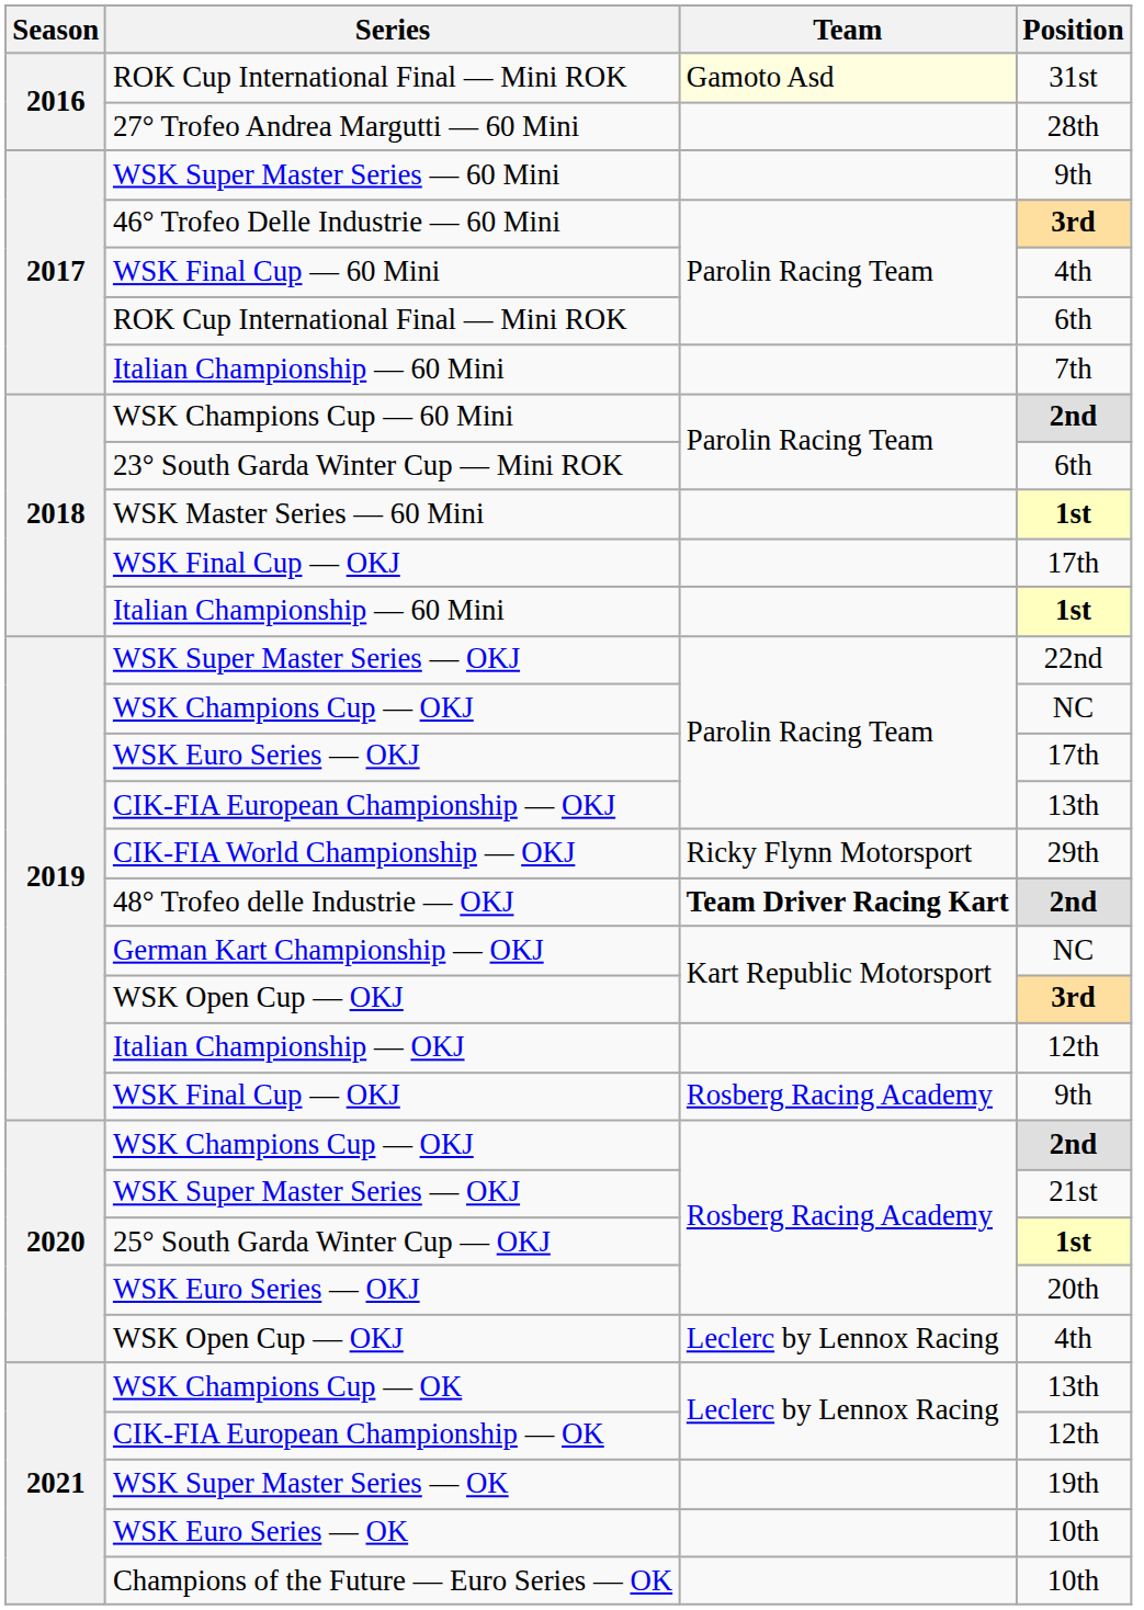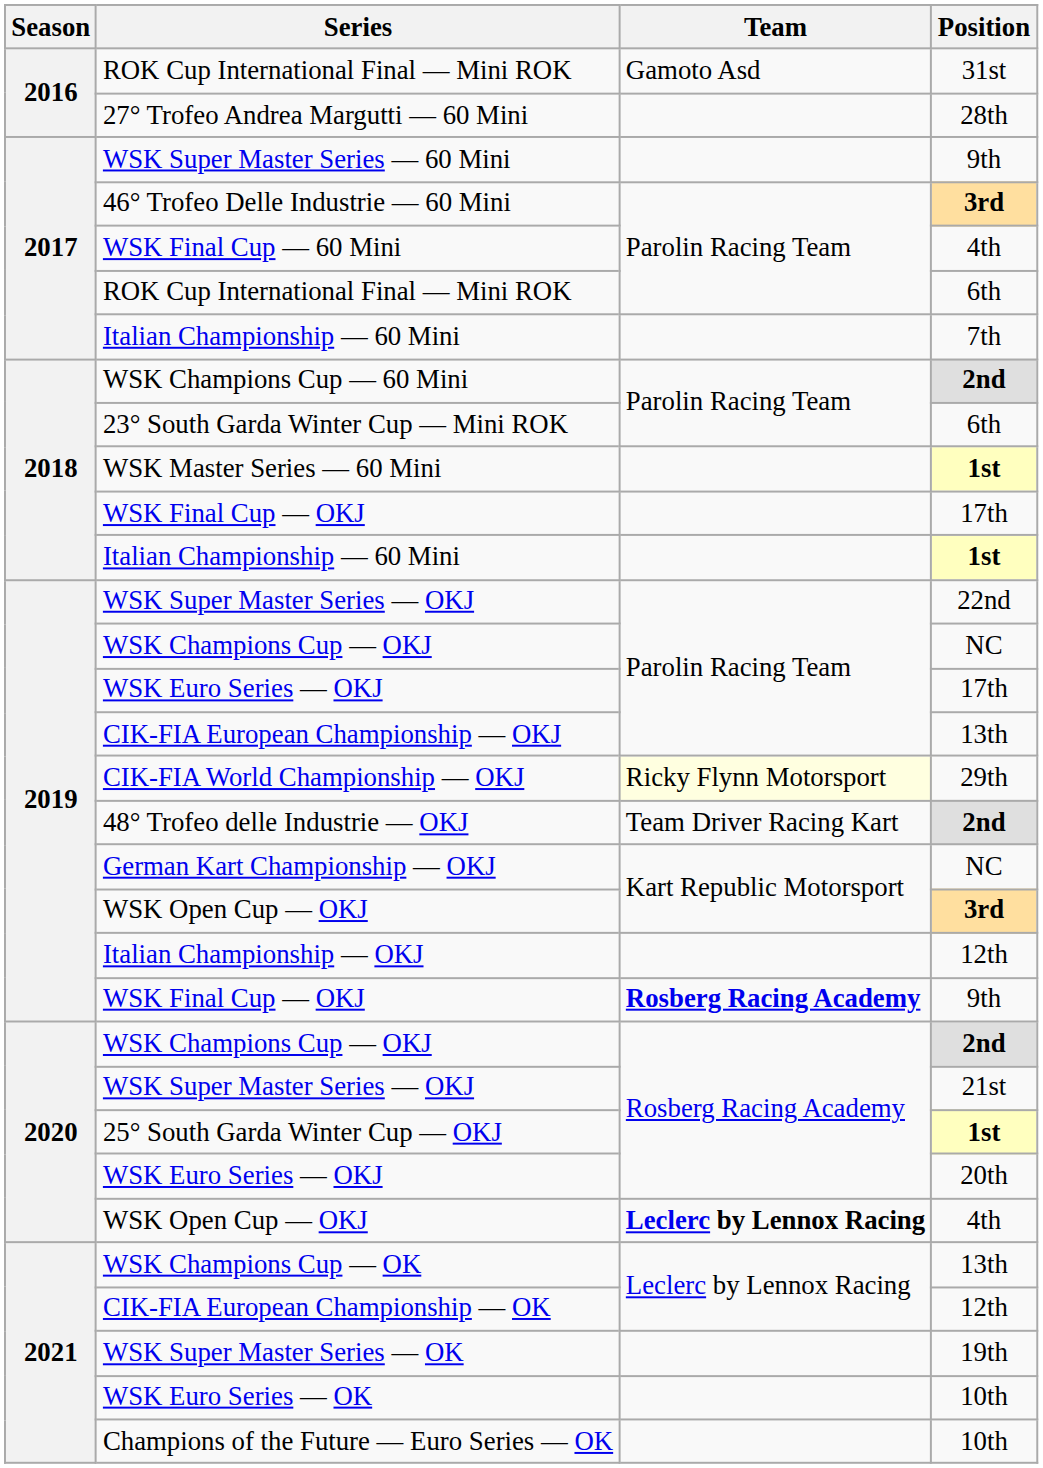 <table class="wikitable" style="font-size: 85%; text-align:center">
 <tr>
 <th>Season</th>
 <th>Series</th>
 <th>Team</th>
 <th>Position</th>
 </tr>
 <tr>
 <th rowspan="2">2016</th>
 <td align="left">ROK Cup International Final — Mini ROK</td>
-<td align="left" style="background: lightyellow;">Gamoto Asd</td>
+<td align="left">Gamoto Asd</td>
 <td>31st</td>
 </tr>
 <tr>
 <td align="left">27° Trofeo Andrea Margutti — 60 Mini</td>
 <td align="left"></td>
 <td>28th</td>
 </tr>
 <tr>
 <th rowspan="5">2017</th>
 <td align="left"><a href='#'>WSK Super Master Series</a> — 60 Mini</td>
 <td align="left"></td>
 <td>9th</td>
 </tr>
 <tr>
 <td align="left">46° Trofeo Delle Industrie — 60 Mini</td>
 <td rowspan="3"  align="left">Parolin Racing Team</td>
 <td style="background:#FFDF9F;"><strong>3rd</strong></td>
 </tr>
 <tr>
 <td align="left"><a href='#'>WSK Final Cup</a> — 60 Mini</td>
 <td>4th</td>
 </tr>
 <tr>
 <td align="left">ROK Cup International Final — Mini ROK</td>
 <td>6th</td>
 </tr>
 <tr>
 <td align="left"><a href='#'>Italian Championship</a> — 60 Mini</td>
 <td align="left"></td>
 <td>7th</td>
 </tr>
 <tr>
 <th rowspan="5">2018</th>
 <td align="left">WSK Champions Cup — 60 Mini</td>
 <td rowspan="2"  align="left">Parolin Racing Team</td>
 <td style="background:#DFDFDF;"><strong>2nd</strong></td>
 </tr>
 <tr>
 <td align="left">23° South Garda Winter Cup — Mini ROK</td>
 <td>6th</td>
 </tr>
 <tr>
 <td align="left">WSK Master Series — 60 Mini</td>
 <td align="left"></td>
 <td style="background:#FFFFBF;"><strong>1st</strong></td>
 </tr>
 <tr>
 <td align="left"><a href='#'>WSK Final Cup</a> — <a href='#'>OKJ</a></td>
 <td align="left"></td>
 <td>17th</td>
 </tr>
 <tr>
 <td align="left"><a href='#'>Italian Championship</a> — 60 Mini</td>
 <td align="left"></td>
 <td style="background:#FFFFBF;"><strong>1st</strong></td>
 </tr>
 <tr>
 <th rowspan="10">2019</th>
 <td align="left"><a href='#'>WSK Super Master Series</a> — <a href='#'>OKJ</a></td>
 <td rowspan="4"  align="left">Parolin Racing Team</td>
 <td>22nd</td>
 </tr>
 <tr>
 <td align="left"><a href='#'>WSK Champions Cup</a> — <a href='#'>OKJ</a></td>
 <td>NC</td>
 </tr>
 <tr>
 <td align="left"><a href='#'>WSK Euro Series</a> — <a href='#'>OKJ</a></td>
 <td>17th</td>
 </tr>
 <tr>
 <td align="left"><a href='#'>CIK-FIA European Championship</a> — <a href='#'>OKJ</a></td>
 <td>13th</td>
 </tr>
 <tr>
 <td align="left"><a href='#'>CIK-FIA World Championship</a> — <a href='#'>OKJ</a></td>
-<td align="left">Ricky Flynn Motorsport</td>
+<td align="left" style="background: lightyellow;">Ricky Flynn Motorsport</td>
 <td>29th</td>
 </tr>
 <tr>
 <td align="left">48° Trofeo delle Industrie — <a href='#'>OKJ</a></td>
-<td align="left"><strong>Team Driver Racing Kart</strong></td>
+<td align="left">Team Driver Racing Kart</td>
 <td style="background:#DFDFDF;"><strong>2nd</strong></td>
 </tr>
 <tr>
 <td align="left"><a href='#'>German Kart Championship</a> — <a href='#'>OKJ</a></td>
 <td rowspan="2"  align="left">Kart Republic Motorsport</td>
 <td>NC</td>
 </tr>
 <tr>
 <td align="left">WSK Open Cup — <a href='#'>OKJ</a></td>
 <td style="background:#FFDF9F;"><strong>3rd</strong></td>
 </tr>
 <tr>
 <td align="left"><a href='#'>Italian Championship</a> — <a href='#'>OKJ</a></td>
 <td align="left"></td>
 <td>12th</td>
 </tr>
 <tr>
 <td align="left"><a href='#'>WSK Final Cup</a> — <a href='#'>OKJ</a></td>
-<td align="left" nowrap=""><a href='#'>Rosberg Racing Academy</a></td>
+<td align="left" nowrap=""><strong><a href='#'>Rosberg Racing Academy</a></strong></td>
 <td>9th</td>
 </tr>
 <tr>
 <th rowspan="5">2020</th>
 <td align="left"><a href='#'>WSK Champions Cup</a> — <a href='#'>OKJ</a></td>
 <td rowspan="4" align="left"><a href='#'>Rosberg Racing Academy</a></td>
 <td style="background:#DFDFDF;"><strong>2nd</strong></td>
 </tr>
 <tr>
 <td align="left"><a href='#'>WSK Super Master Series</a> — <a href='#'>OKJ</a></td>
 <td>21st</td>
 </tr>
 <tr>
 <td align="left">25° South Garda Winter Cup — <a href='#'>OKJ</a></td>
 <td style="background:#FFFFBF;"><strong>1st</strong></td>
 </tr>
 <tr>
 <td align="left"><a href='#'>WSK Euro Series</a> — <a href='#'>OKJ</a></td>
 <td>20th</td>
 </tr>
 <tr>
 <td align="left">WSK Open Cup — <a href='#'>OKJ</a></td>
-<td align="left"><a href='#'>Leclerc</a> by Lennox Racing</td>
+<td align="left"><strong><a href='#'>Leclerc</a> by Lennox Racing</strong></td>
 <td>4th</td>
 </tr>
 <tr>
 <th rowspan="5">2021</th>
 <td align="left"><a href='#'>WSK Champions Cup</a> — <a href='#'>OK</a></td>
 <td rowspan="2"  align="left"><a href='#'>Leclerc</a> by Lennox Racing</td>
 <td>13th</td>
 </tr>
 <tr>
 <td align="left" nowrap=""><a href='#'>CIK-FIA European Championship</a> — <a href='#'>OK</a></td>
 <td>12th</td>
 </tr>
 <tr>
 <td align="left"><a href='#'>WSK Super Master Series</a> — <a href='#'>OK</a></td>
 <td align="left"></td>
 <td>19th</td>
 </tr>
 <tr>
 <td align="left"><a href='#'>WSK Euro Series</a> — <a href='#'>OK</a></td>
 <td align="left"></td>
 <td>10th</td>
 </tr>
 <tr>
 <td align="left">Champions of the Future — Euro Series — <a href='#'>OK</a></td>
 <td align="left"></td>
 <td>10th</td>
 </tr>
 </table>
